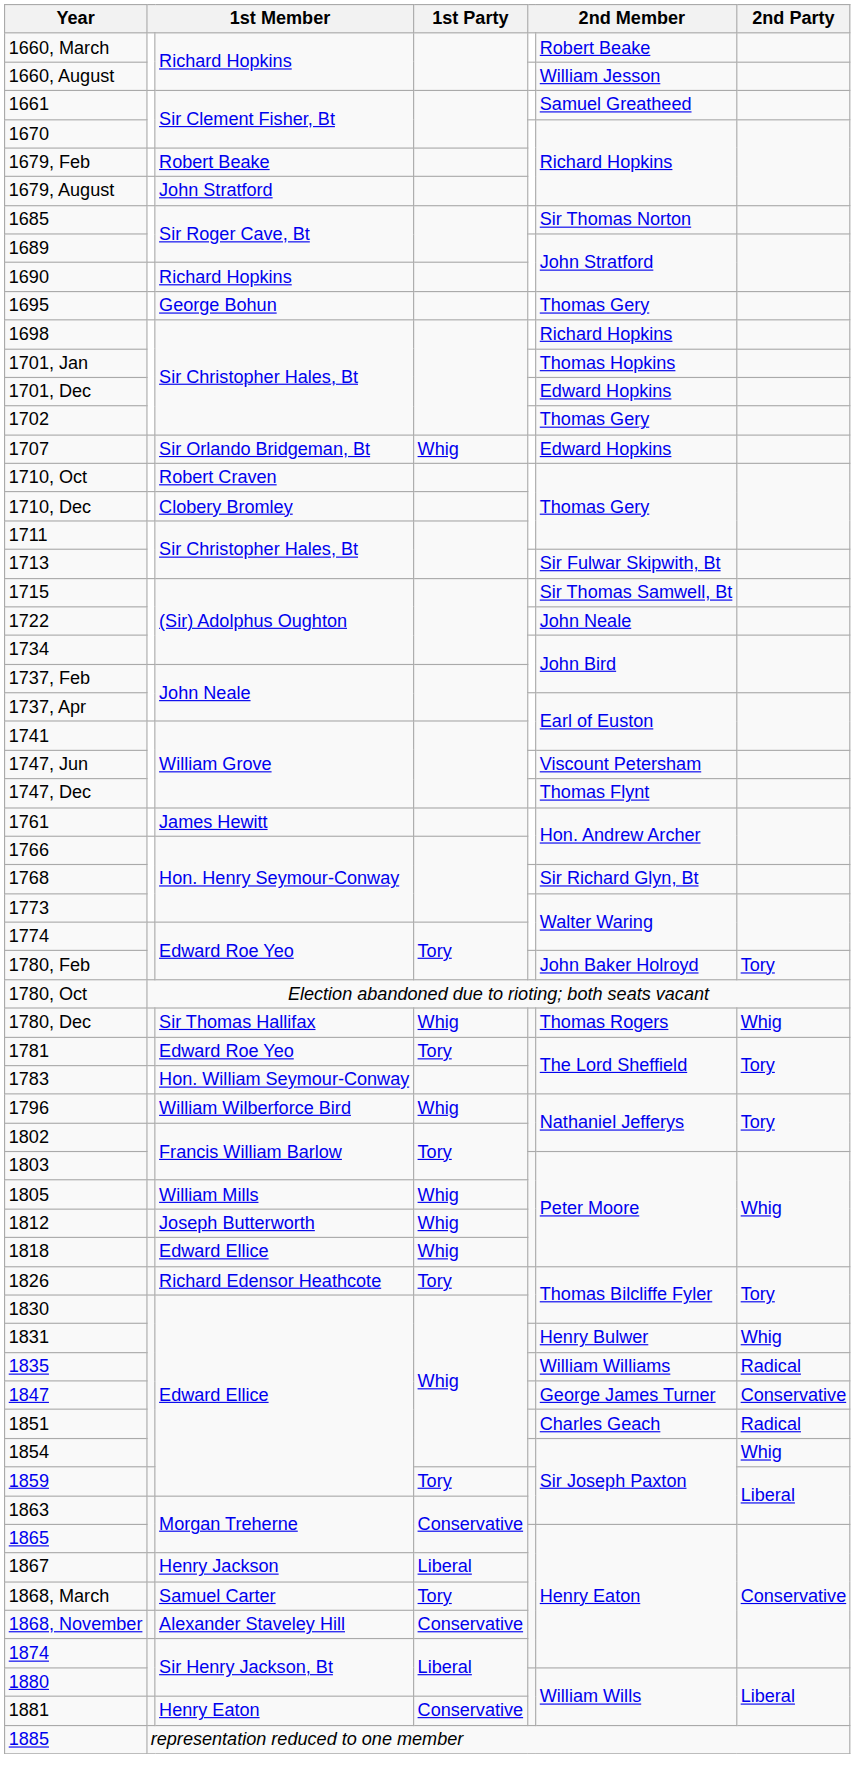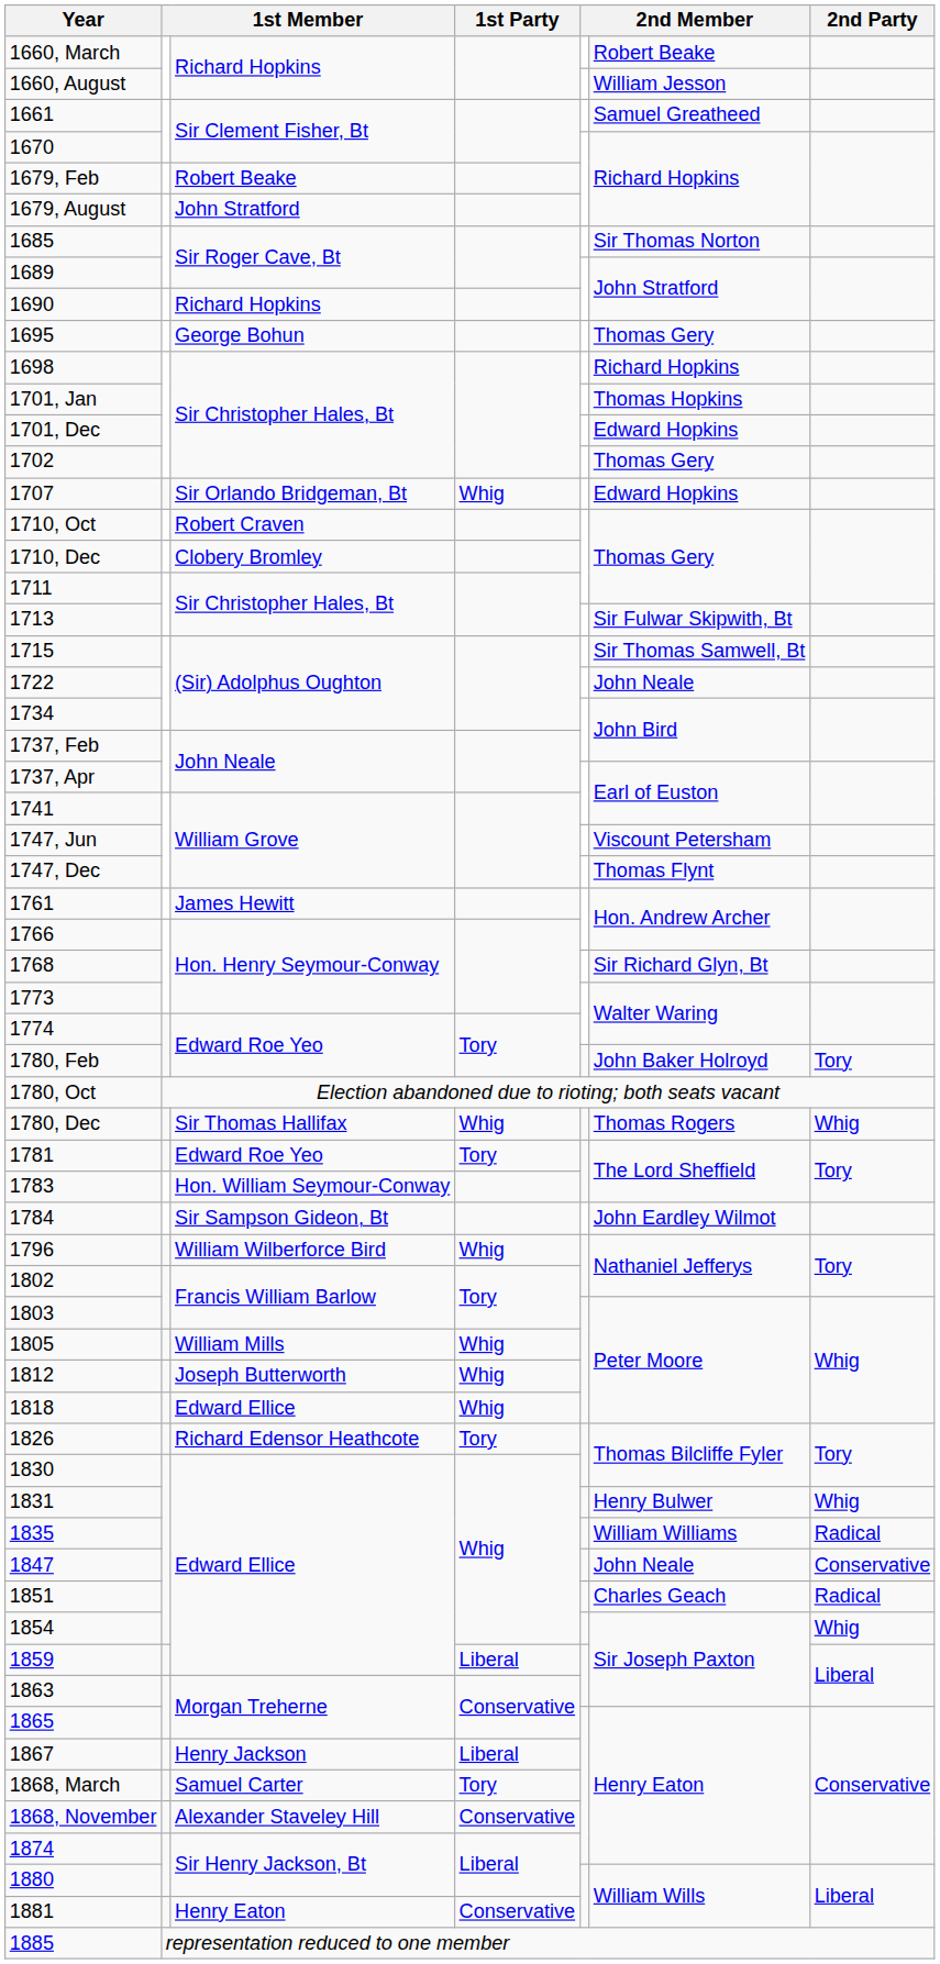 <table class="wikitable">
 <tr>
 <th>Year</th>
 <th colspan="2">1st Member</th>
 <th>1st Party</th>
 <th colspan="2">2nd Member</th>
 <th>2nd Party</th>
 </tr>
 <tr>
 <td>1660, March</td>
 <td rowspan="2" style="color:inherit;background-color: white"></td>
 <td rowspan="2"><a href='#'>Richard Hopkins</a></td>
 <td rowspan="2"></td>
 <td style="color:inherit;background-color: white"></td>
 <td><a href='#'>Robert Beake</a></td>
 <td></td>
 </tr>
 <tr>
 <td>1660, August</td>
 <td style="color:inherit;background-color: white"></td>
 <td><a href='#'>William Jesson</a></td>
 <td></td>
 </tr>
 <tr>
 <td>1661</td>
 <td rowspan="2" style="color:inherit;background-color: white"></td>
 <td rowspan="2"><a href='#'>Sir Clement Fisher, Bt</a></td>
 <td rowspan="2"></td>
 <td style="color:inherit;background-color: white"></td>
 <td><a href='#'>Samuel Greatheed</a></td>
 <td></td>
 </tr>
 <tr>
 <td>1670</td>
 <td rowspan="3" style="color:inherit;background-color: white"></td>
 <td rowspan="3"><a href='#'>Richard Hopkins</a></td>
 <td rowspan="3"></td>
 </tr>
 <tr>
 <td>1679, Feb</td>
 <td style="color:inherit;background-color: white"></td>
 <td><a href='#'>Robert Beake</a></td>
 <td></td>
 </tr>
 <tr>
 <td>1679, August</td>
 <td style="color:inherit;background-color: white"></td>
 <td><a href='#'>John Stratford</a></td>
 <td></td>
 </tr>
 <tr>
 <td>1685</td>
 <td rowspan="2" style="color:inherit;background-color: white"></td>
 <td rowspan="2"><a href='#'>Sir Roger Cave, Bt</a></td>
 <td rowspan="2"></td>
 <td style="color:inherit;background-color: white"></td>
 <td><a href='#'>Sir Thomas Norton</a></td>
 <td></td>
 </tr>
 <tr>
 <td>1689</td>
 <td rowspan="2" style="color:inherit;background-color: white"></td>
 <td rowspan="2"><a href='#'>John Stratford</a></td>
 <td rowspan="2"></td>
 </tr>
 <tr>
 <td>1690</td>
 <td style="color:inherit;background-color: white"></td>
 <td><a href='#'>Richard Hopkins</a></td>
 <td></td>
 </tr>
 <tr>
 <td>1695</td>
 <td style="color:inherit;background-color: white"></td>
 <td><a href='#'>George Bohun</a></td>
 <td></td>
 <td style="color:inherit;background-color: white"></td>
 <td><a href='#'>Thomas Gery</a></td>
 <td></td>
 </tr>
 <tr>
 <td>1698</td>
 <td rowspan="4" style="color:inherit;background-color: white"></td>
 <td rowspan="4"><a href='#'>Sir Christopher Hales, Bt</a></td>
 <td rowspan="4"></td>
 <td style="color:inherit;background-color: white"></td>
 <td><a href='#'>Richard Hopkins</a></td>
 <td></td>
 </tr>
 <tr>
 <td>1701, Jan</td>
 <td style="color:inherit;background-color: white"></td>
 <td><a href='#'>Thomas Hopkins</a></td>
 <td></td>
 </tr>
 <tr>
 <td>1701, Dec</td>
 <td style="color:inherit;background-color: white"></td>
 <td><a href='#'>Edward Hopkins</a></td>
 <td></td>
 </tr>
 <tr>
 <td>1702</td>
 <td style="color:inherit;background-color: white"></td>
 <td><a href='#'>Thomas Gery</a></td>
 <td></td>
 </tr>
 <tr>
 <td>1707</td>
 <td style="color:inherit;background-color: "></td>
 <td><a href='#'>Sir Orlando Bridgeman, Bt</a></td>
 <td> <a href='#'>Whig</a></td>
 <td style="color:inherit;background-color: white"></td>
 <td><a href='#'>Edward Hopkins</a></td>
 <td></td>
 </tr>
 <tr>
 <td>1710, Oct</td>
 <td style="color:inherit;background-color: white"></td>
 <td><a href='#'>Robert Craven</a></td>
 <td></td>
 <td rowspan="3" style="color:inherit;background-color: white"></td>
 <td rowspan="3"><a href='#'>Thomas Gery</a></td>
 <td rowspan="3"></td>
 </tr>
 <tr>
 <td>1710, Dec</td>
 <td style="color:inherit;background-color: white"></td>
 <td><a href='#'>Clobery Bromley</a></td>
 <td></td>
 </tr>
 <tr>
 <td>1711</td>
 <td rowspan="2" style="color:inherit;background-color: white"></td>
 <td rowspan="2"><a href='#'>Sir Christopher Hales, Bt</a></td>
 <td rowspan="2"></td>
 </tr>
 <tr>
 <td>1713</td>
 <td style="color:inherit;background-color: white"></td>
 <td><a href='#'>Sir Fulwar Skipwith, Bt</a></td>
 <td></td>
 </tr>
 <tr>
 <td>1715</td>
 <td rowspan="3" style="color:inherit;background-color: white"></td>
 <td rowspan="3"><a href='#'>(Sir) Adolphus Oughton</a></td>
 <td rowspan="3"></td>
 <td style="color:inherit;background-color: white"></td>
 <td><a href='#'>Sir Thomas Samwell, Bt</a></td>
 <td></td>
 </tr>
 <tr>
 <td>1722</td>
 <td style="color:inherit;background-color: white"></td>
 <td><a href='#'>John Neale</a></td>
 <td></td>
 </tr>
 <tr>
 <td>1734</td>
 <td rowspan="2" style="color:inherit;background-color: white"></td>
 <td rowspan="2"><a href='#'>John Bird</a></td>
 <td rowspan="2"></td>
 </tr>
 <tr>
 <td>1737, Feb</td>
 <td rowspan="2" style="color:inherit;background-color: white"></td>
 <td rowspan="2"><a href='#'>John Neale</a></td>
 <td rowspan="2"></td>
 </tr>
 <tr>
 <td>1737, Apr</td>
 <td rowspan="2" style="color:inherit;background-color: white"></td>
 <td rowspan="2"><a href='#'>Earl of Euston</a></td>
 <td rowspan="2"></td>
 </tr>
 <tr>
 <td>1741</td>
 <td rowspan="3" style="color:inherit;background-color: white"></td>
 <td rowspan="3"><a href='#'>William Grove</a></td>
 <td rowspan="3"></td>
 </tr>
 <tr>
 <td>1747, Jun</td>
 <td style="color:inherit;background-color: white"></td>
 <td><a href='#'>Viscount Petersham</a></td>
 <td></td>
 </tr>
 <tr>
 <td>1747, Dec</td>
 <td style="color:inherit;background-color: white"></td>
 <td><a href='#'>Thomas Flynt</a></td>
 <td></td>
 </tr>
 <tr>
 <td>1761</td>
 <td style="color:inherit;background-color: white"></td>
 <td><a href='#'>James Hewitt</a></td>
 <td></td>
 <td rowspan="2" style="color:inherit;background-color: white"></td>
 <td rowspan="2"><a href='#'>Hon. Andrew Archer</a></td>
 <td rowspan="2"></td>
 </tr>
 <tr>
 <td>1766</td>
 <td rowspan="3" style="color:inherit;background-color: white"></td>
 <td rowspan="3"><a href='#'>Hon. Henry Seymour-Conway</a></td>
 <td rowspan="3"></td>
 </tr>
 <tr>
 <td>1768</td>
 <td style="color:inherit;background-color: white"></td>
 <td><a href='#'>Sir Richard Glyn, Bt</a></td>
 <td></td>
 </tr>
 <tr>
 <td>1773</td>
 <td rowspan="2" style="color:inherit;background-color: white"></td>
 <td rowspan="2"><a href='#'>Walter Waring</a></td>
 <td rowspan="2"></td>
 </tr>
 <tr>
 <td>1774</td>
 <td rowspan="2" style="color:inherit;background-color: "></td>
 <td rowspan="2"><a href='#'>Edward Roe Yeo</a></td>
 <td rowspan="2"><a href='#'>Tory</a></td>
 </tr>
 <tr>
 <td>1780, Feb</td>
 <td style="color:inherit;background-color: "></td>
 <td><a href='#'>John Baker Holroyd</a></td>
 <td><a href='#'>Tory</a></td>
 </tr>
 <tr>
 <td>1780, Oct</td>
 <td colspan="6" align="center"><em>Election abandoned due to rioting; both seats vacant</em></td>
 </tr>
 <tr>
 <td>1780, Dec</td>
 <td style="color:inherit;background-color: "></td>
 <td><a href='#'>Sir Thomas Hallifax</a></td>
 <td><a href='#'>Whig</a></td>
 <td style="color:inherit;background-color: "></td>
 <td><a href='#'>Thomas Rogers</a></td>
 <td><a href='#'>Whig</a></td>
 </tr>
 <tr>
 <td>1781</td>
 <td style="color:inherit;background-color: "></td>
 <td><a href='#'>Edward Roe Yeo</a></td>
 <td><a href='#'>Tory</a></td>
 <td rowspan="2" style="color:inherit;background-color: "></td>
 <td rowspan="2"><a href='#'>The Lord Sheffield</a></td>
 <td rowspan="2"><a href='#'>Tory</a></td>
 </tr>
 <tr>
 <td>1783</td>
 <td style="color:inherit;background-color: white"></td>
 <td><a href='#'>Hon. William Seymour-Conway</a></td>
 <td></td>
 </tr>
 <tr>
+<td>1784</td>
+<td style="color:inherit;background-color: white"></td>
+<td><a href='#'>Sir Sampson Gideon, Bt</a></td>
+<td></td>
+<td style="color:inherit;background-color: white"></td>
+<td><a href='#'>John Eardley Wilmot</a></td>
+<td></td>
+</tr>
+<tr>
 <td>1796</td>
 <td style="color:inherit;background-color: "></td>
 <td><a href='#'>William Wilberforce Bird</a></td>
 <td><a href='#'>Whig</a></td>
 <td rowspan="2" style="color:inherit;background-color: "></td>
 <td rowspan="2"><a href='#'>Nathaniel Jefferys</a></td>
 <td rowspan="2"><a href='#'>Tory</a></td>
 </tr>
 <tr>
 <td>1802</td>
 <td rowspan="2" style="color:inherit;background-color: "></td>
 <td rowspan="2"><a href='#'>Francis William Barlow</a></td>
 <td rowspan="2"><a href='#'>Tory</a></td>
 </tr>
 <tr>
 <td>1803</td>
 <td rowspan="4" style="color:inherit;background-color: "></td>
 <td rowspan="4"><a href='#'>Peter Moore</a></td>
 <td rowspan="4"><a href='#'>Whig</a></td>
 </tr>
 <tr>
 <td>1805</td>
 <td style="color:inherit;background-color: "></td>
 <td><a href='#'>William Mills</a></td>
 <td><a href='#'>Whig</a></td>
 </tr>
 <tr>
 <td>1812</td>
 <td style="color:inherit;background-color: "></td>
 <td><a href='#'>Joseph Butterworth</a></td>
 <td><a href='#'>Whig</a></td>
 </tr>
 <tr>
 <td>1818</td>
 <td style="color:inherit;background-color: "></td>
 <td><a href='#'>Edward Ellice</a></td>
 <td><a href='#'>Whig</a></td>
 </tr>
 <tr>
 <td>1826</td>
 <td style="color:inherit;background-color: "></td>
 <td><a href='#'>Richard Edensor Heathcote</a></td>
 <td><a href='#'>Tory</a></td>
 <td rowspan="2" style="color:inherit;background-color: "></td>
 <td rowspan="2"><a href='#'>Thomas Bilcliffe Fyler</a></td>
 <td rowspan="2"><a href='#'>Tory</a></td>
 </tr>
 <tr>
 <td>1830</td>
 <td rowspan="6" style="color:inherit;background-color: "></td>
 <td rowspan="7"><a href='#'>Edward Ellice</a></td>
 <td rowspan="6"><a href='#'>Whig</a></td>
 </tr>
 <tr>
 <td>1831</td>
 <td style="color:inherit;background-color: "></td>
 <td><a href='#'>Henry Bulwer</a></td>
 <td><a href='#'>Whig</a></td>
 </tr>
 <tr>
 <td><a href='#'>1835</a></td>
 <td style="color:inherit;background-color: "></td>
 <td><a href='#'>William Williams</a></td>
 <td><a href='#'>Radical</a></td>
 </tr>
 <tr>
 <td><a href='#'>1847</a></td>
 <td style="color:inherit;background-color: "></td>
-<td><a href='#'>George James Turner</a></td>
+<td><a href='#'>John Neale</a></td>
 <td><a href='#'>Conservative</a></td>
 </tr>
 <tr>
 <td>1851</td>
 <td style="color:inherit;background-color: "></td>
 <td><a href='#'>Charles Geach</a></td>
 <td><a href='#'>Radical</a></td>
 </tr>
 <tr>
 <td>1854</td>
 <td rowspan="1" style="color:inherit;background-color: "></td>
 <td rowspan="3"><a href='#'>Sir Joseph Paxton</a></td>
 <td rowspan="1"><a href='#'>Whig</a></td>
 </tr>
 <tr>
 <td><a href='#'>1859</a></td>
 <td style="color:inherit;background-color: "></td>
-<td><a href='#'>Tory</a></td>
+<td><a href='#'>Liberal</a></td>
 <td rowspan="2" style="color:inherit;background-color: "></td>
 <td rowspan="2"><a href='#'>Liberal</a></td>
 </tr>
 <tr>
 <td>1863</td>
 <td rowspan="2" style="color:inherit;background-color: "></td>
 <td rowspan="2"><a href='#'>Morgan Treherne</a></td>
 <td rowspan="2"><a href='#'>Conservative</a></td>
 </tr>
 <tr>
 <td><a href='#'>1865</a></td>
 <td rowspan="5" style="color:inherit;background-color: "></td>
 <td rowspan="5"><a href='#'>Henry Eaton</a></td>
 <td rowspan="5"><a href='#'>Conservative</a></td>
 </tr>
 <tr>
 <td>1867</td>
 <td style="color:inherit;background-color: "></td>
 <td><a href='#'>Henry Jackson</a></td>
 <td><a href='#'>Liberal</a></td>
 </tr>
 <tr>
 <td>1868, March</td>
 <td style="color:inherit;background-color: "></td>
 <td><a href='#'>Samuel Carter</a></td>
 <td><a href='#'>Tory</a></td>
 </tr>
 <tr>
 <td><a href='#'>1868, November</a></td>
 <td style="color:inherit;background-color: "></td>
 <td><a href='#'>Alexander Staveley Hill</a></td>
 <td><a href='#'>Conservative</a></td>
 </tr>
 <tr>
 <td><a href='#'>1874</a></td>
 <td rowspan="2" style="color:inherit;background-color: "></td>
 <td rowspan="2"><a href='#'>Sir Henry Jackson, Bt</a></td>
 <td rowspan="2"><a href='#'>Liberal</a></td>
 </tr>
 <tr>
 <td><a href='#'>1880</a></td>
 <td rowspan="2" style="color:inherit;background-color: "></td>
 <td rowspan="2"><a href='#'>William Wills</a></td>
 <td rowspan="2"><a href='#'>Liberal</a></td>
 </tr>
 <tr>
 <td>1881</td>
 <td style="color:inherit;background-color: "></td>
 <td><a href='#'>Henry Eaton</a></td>
 <td><a href='#'>Conservative</a></td>
 </tr>
 <tr>
 <td><a href='#'>1885</a></td>
 <td colspan="6"><em>representation reduced to one member</em></td>
 </tr>
 </table>
